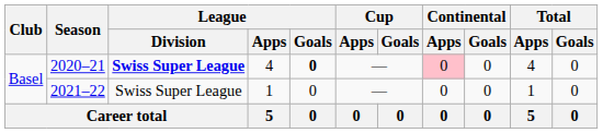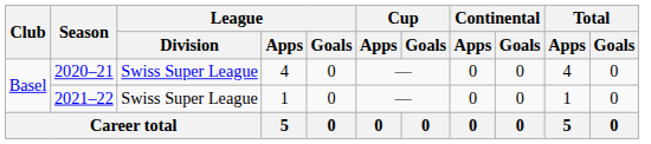 <table class="wikitable" style="text-align:center">
 <tr>
 <th rowspan="2">Club</th>
 <th rowspan="2">Season</th>
 <th colspan="3">League</th>
 <th colspan="2">Cup</th>
 <th colspan="2">Continental</th>
 <th colspan="2">Total</th>
 </tr>
 <tr>
 <th>Division</th>
 <th>Apps</th>
 <th>Goals</th>
 <th>Apps</th>
 <th>Goals</th>
 <th>Apps</th>
 <th>Goals</th>
 <th>Apps</th>
 <th>Goals</th>
 </tr>
 <tr>
 <td rowspan="2"><a href='#'>Basel</a></td>
 <td><a href='#'>2020–21</a></td>
-<td><strong><a href='#'>Swiss Super League</a></strong></td>
+<td><a href='#'>Swiss Super League</a></td>
 <td>4</td>
-<td><strong>0</strong></td>
+<td>0</td>
 <td colspan="2">—</td>
-<td style="background: pink;">0</td>
+<td>0</td>
 <td>0</td>
 <td>4</td>
 <td>0</td>
 </tr>
 <tr>
 <td><a href='#'>2021–22</a></td>
 <td>Swiss Super League</td>
 <td>1</td>
 <td>0</td>
 <td colspan="2">—</td>
 <td>0</td>
 <td>0</td>
 <td>1</td>
 <td>0</td>
 </tr>
 <tr>
 <th colspan="3">Career total</th>
 <th>5</th>
 <th>0</th>
 <th>0</th>
 <th>0</th>
 <th>0</th>
 <th>0</th>
 <th>5</th>
 <th>0</th>
 </tr>
 </table>
